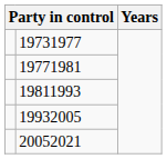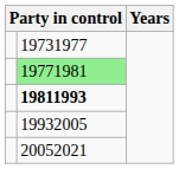 <table class="wikitable">
 <tr>
 <th colspan="2">Party in control</th>
 <th>Years</th>
 </tr>
 <tr>
 <td></td>
 <td>19731977</td>
 </tr>
 <tr>
 <td></td>
-<td>19771981</td>
+<td style="background: lightgreen;">19771981</td>
 </tr>
 <tr>
 <td></td>
-<td>19811993</td>
+<td><strong>19811993</strong></td>
 </tr>
 <tr>
 <td></td>
 <td>19932005</td>
 </tr>
 <tr>
 <td></td>
 <td>20052021</td>
 </tr>
 </table>
